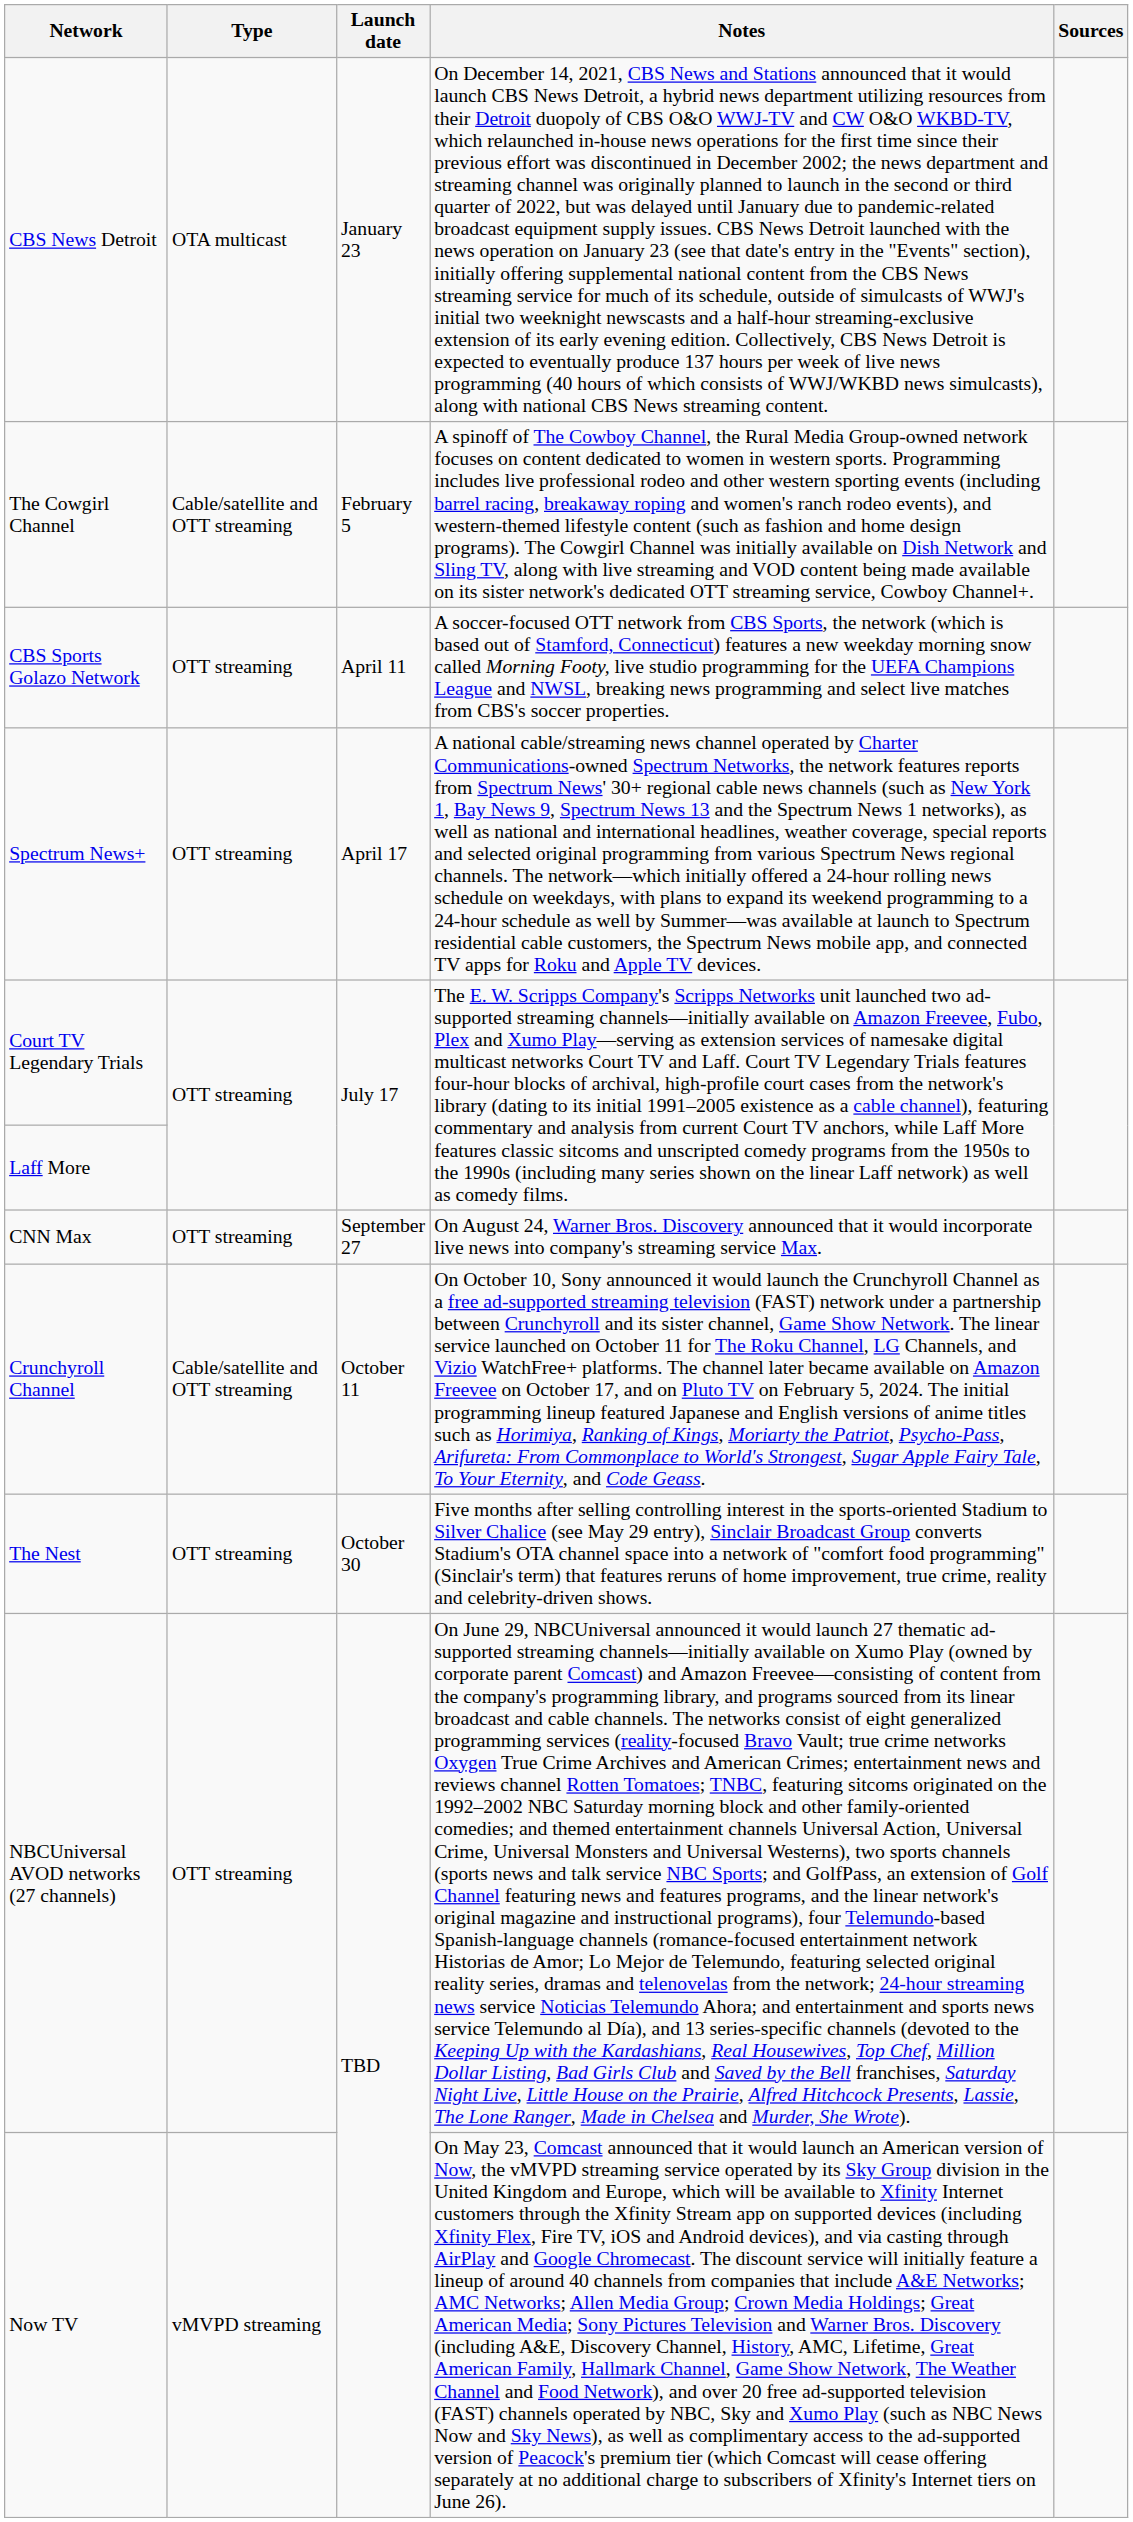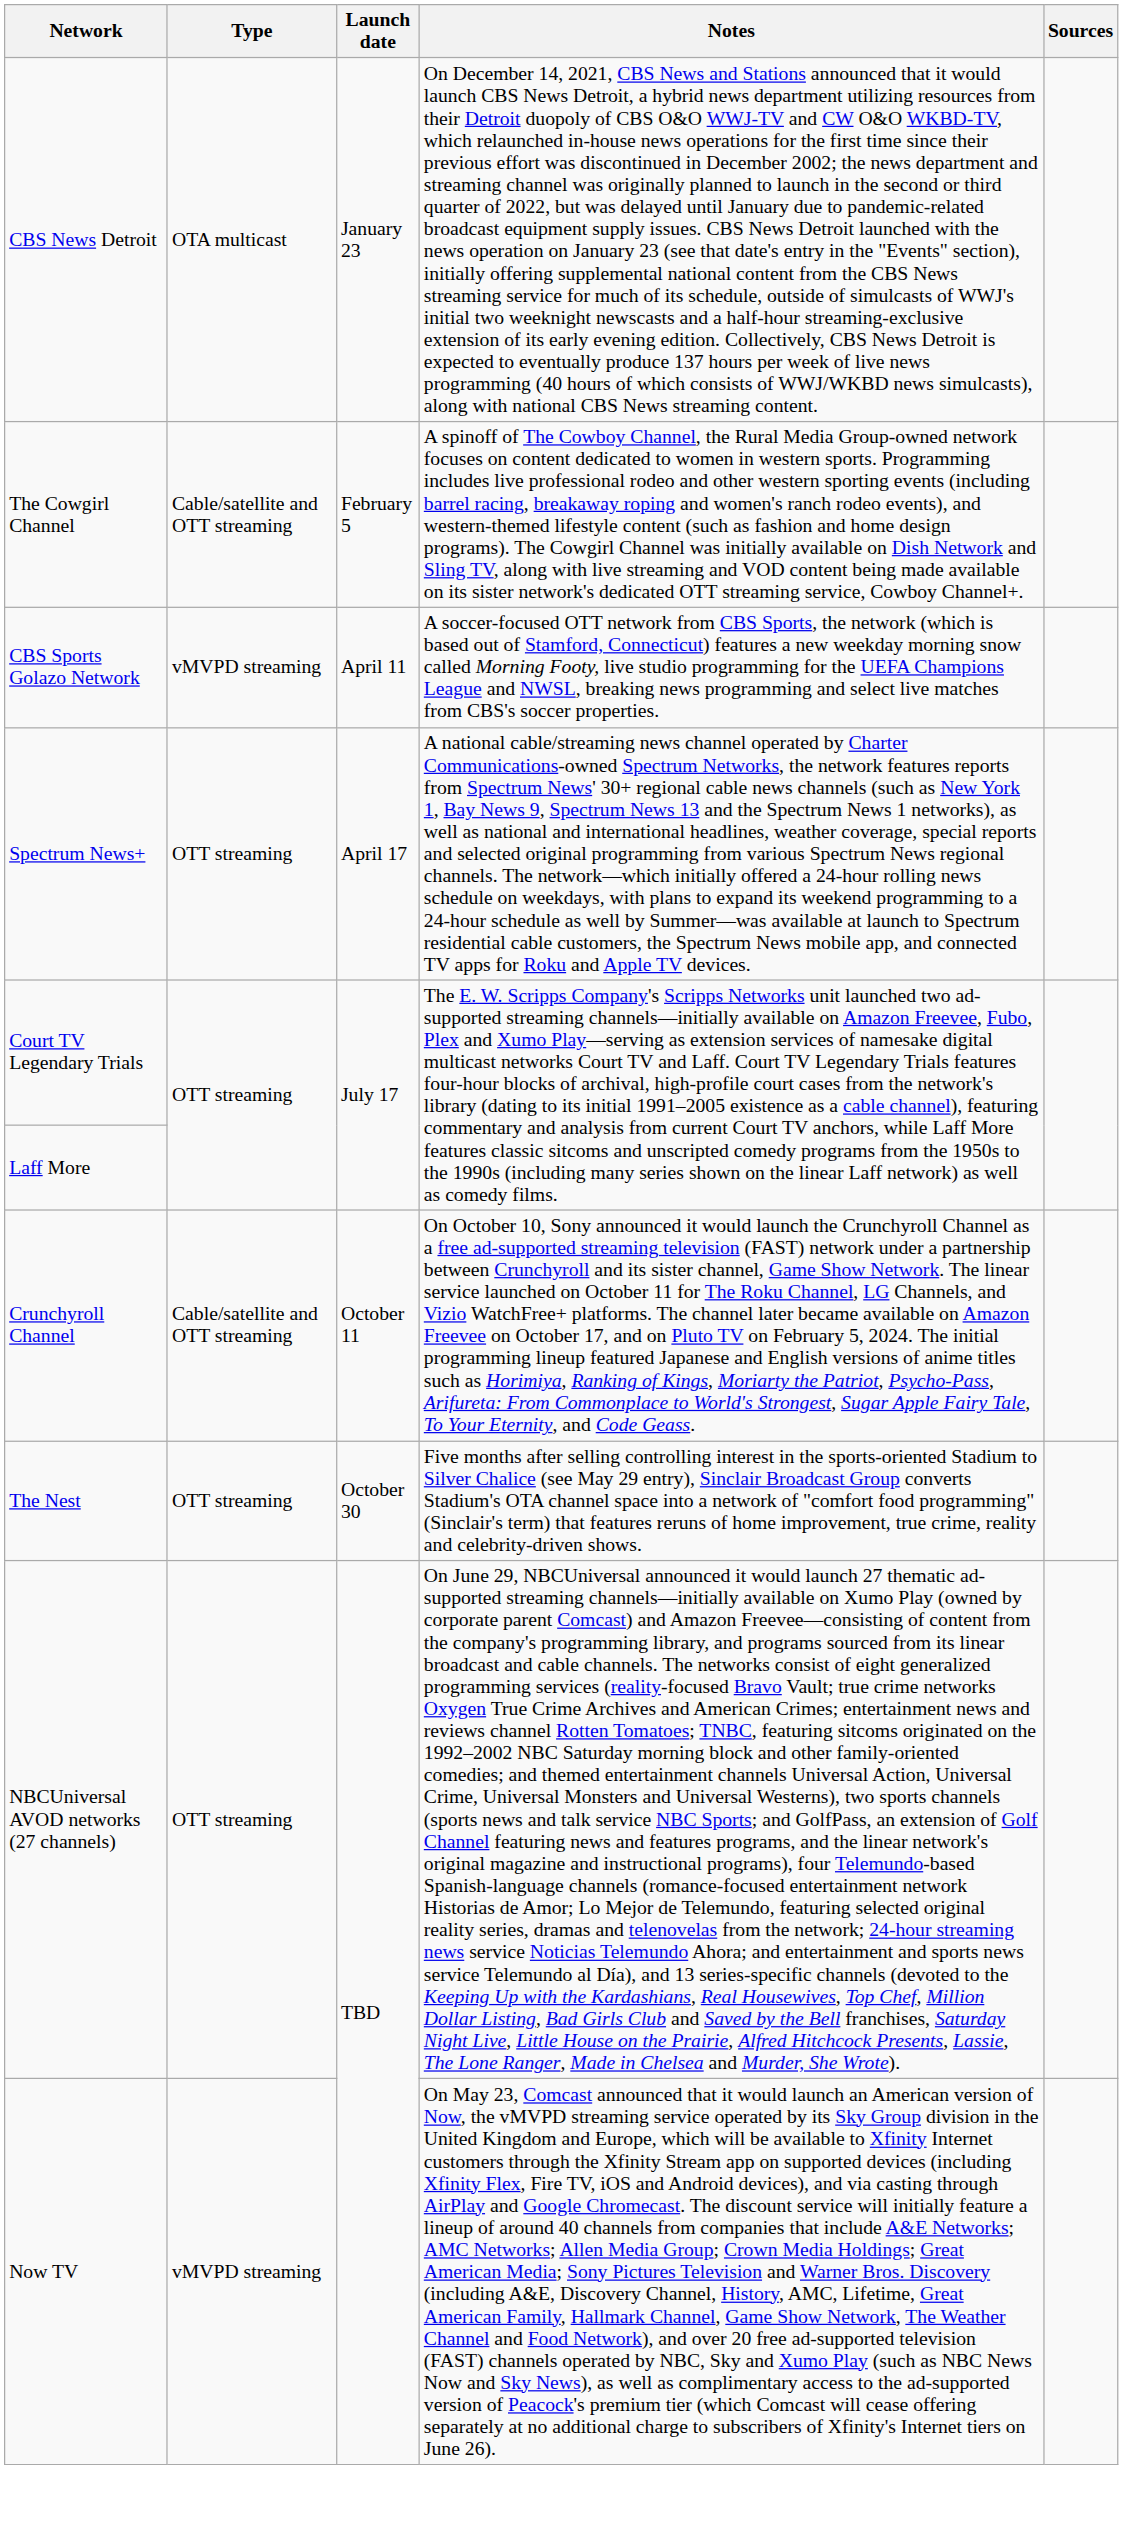 <table class="wikitable">
 <tr>
 <th style="text-align:center; width:125px">Network</th>
 <th style="text-align:center; width:130px">Type</th>
 <th style="text-align:center; width:60px">Launch date</th>
 <th style="text-align:center; width:500px">Notes</th>
 <th style="text-align:center; width:30px">Sources</th>
 </tr>
 <tr>
 <td><a href='#'>CBS News</a> Detroit</td>
 <td>OTA multicast</td>
 <td>January 23</td>
 <td>On December 14, 2021, <a href='#'>CBS News and Stations</a> announced that it would launch CBS News Detroit, a hybrid news department utilizing resources from their <a href='#'>Detroit</a> duopoly of CBS O&O <a href='#'>WWJ-TV</a> and <a href='#'>CW</a> O&O <a href='#'>WKBD-TV</a>, which relaunched in-house news operations for the first time since their previous effort was discontinued in December 2002; the news department and streaming channel was originally planned to launch in the second or third quarter of 2022, but was delayed until January due to pandemic-related broadcast equipment supply issues. CBS News Detroit launched with the news operation on January 23 (see that date's entry in the "Events" section), initially offering supplemental national content from the CBS News streaming service for much of its schedule, outside of simulcasts of WWJ's initial two weeknight newscasts and a half-hour streaming-exclusive extension of its early evening edition. Collectively, CBS News Detroit is expected to eventually produce 137 hours per week of live news programming (40 hours of which consists of WWJ/WKBD news simulcasts), along with national CBS News streaming content.</td>
 <td><br></td>
 </tr>
 <tr>
 <td>The Cowgirl Channel</td>
 <td>Cable/satellite and OTT streaming</td>
 <td>February 5</td>
 <td>A spinoff of <a href='#'>The Cowboy Channel</a>, the Rural Media Group-owned network focuses on content dedicated to women in western sports. Programming includes live professional rodeo and other western sporting events (including <a href='#'>barrel racing</a>, <a href='#'>breakaway roping</a> and women's ranch rodeo events), and western-themed lifestyle content (such as fashion and home design programs). The Cowgirl Channel was initially available on <a href='#'>Dish Network</a> and <a href='#'>Sling TV</a>, along with live streaming and VOD content being made available on its sister network's dedicated OTT streaming service, Cowboy Channel+.</td>
 <td></td>
 </tr>
 <tr>
 <td><a href='#'>CBS Sports Golazo Network</a></td>
-<td>OTT streaming</td>
+<td>vMVPD streaming</td>
 <td>April 11</td>
 <td>A soccer-focused OTT network from <a href='#'>CBS Sports</a>, the network (which is based out of <a href='#'>Stamford, Connecticut</a>) features a new weekday morning snow called <em>Morning Footy,</em> live studio programming for the <a href='#'>UEFA Champions League</a> and <a href='#'>NWSL</a>, breaking news programming and select live matches from CBS's soccer properties.</td>
 <td><br></td>
 </tr>
 <tr>
 <td><a href='#'>Spectrum News+</a></td>
 <td>OTT streaming</td>
 <td>April 17</td>
 <td>A national cable/streaming news channel operated by <a href='#'>Charter Communications</a>-owned <a href='#'>Spectrum Networks</a>, the network features reports from <a href='#'>Spectrum News</a>' 30+ regional cable news channels (such as <a href='#'>New York 1</a>, <a href='#'>Bay News 9</a>, <a href='#'>Spectrum News 13</a> and the Spectrum News 1 networks), as well as national and international headlines, weather coverage, special reports and selected original programming from various Spectrum News regional channels. The network—which initially offered a 24-hour rolling news schedule on weekdays, with plans to expand its weekend programming to a 24-hour schedule as well by Summer—was available at launch to Spectrum residential cable customers, the Spectrum News mobile app, and connected TV apps for <a href='#'>Roku</a> and <a href='#'>Apple TV</a> devices.</td>
 <td></td>
 </tr>
 <tr>
 <td><a href='#'>Court TV</a> Legendary Trials</td>
 <td rowspan="2">OTT streaming</td>
 <td rowspan="2">July 17</td>
 <td rowspan="2">The <a href='#'>E. W. Scripps Company</a>'s <a href='#'>Scripps Networks</a> unit launched two ad-supported streaming channels—initially available on <a href='#'>Amazon Freevee</a>, <a href='#'>Fubo</a>, <a href='#'>Plex</a> and <a href='#'>Xumo Play</a>—serving as extension services of namesake digital multicast networks Court TV and Laff. Court TV Legendary Trials features four-hour blocks of archival, high-profile court cases from the network's library (dating to its initial 1991–2005 existence as a <a href='#'>cable channel</a>), featuring commentary and analysis from current Court TV anchors, while Laff More features classic sitcoms and unscripted comedy programs from the 1950s to the 1990s (including many series shown on the linear Laff network) as well as comedy films.</td>
 <td rowspan="2"></td>
 </tr>
 <tr>
 <td><a href='#'>Laff</a> More</td>
-</tr>
-<tr>
-<td>CNN Max</td>
-<td>OTT streaming</td>
-<td>September 27</td>
-<td>On August 24, <a href='#'>Warner Bros. Discovery</a> announced that it would incorporate live news into company's streaming service <a href='#'>Max</a>.</td>
-<td></td>
 </tr>
 <tr>
 <td><a href='#'>Crunchyroll Channel</a></td>
 <td>Cable/satellite and OTT streaming</td>
 <td>October 11</td>
 <td>On October 10, Sony announced it would launch the Crunchyroll Channel as a <a href='#'>free ad-supported streaming television</a> (FAST) network under a partnership between <a href='#'>Crunchyroll</a> and its sister channel, <a href='#'>Game Show Network</a>. The linear service launched on October 11 for <a href='#'>The Roku Channel</a>, <a href='#'>LG</a> Channels, and <a href='#'>Vizio</a> WatchFree+ platforms. The channel later became available on <a href='#'>Amazon Freevee</a> on October 17, and on <a href='#'>Pluto TV</a> on February 5, 2024. The initial programming lineup featured Japanese and English versions of anime titles such as <em><a href='#'>Horimiya</a></em>, <em><a href='#'>Ranking of Kings</a></em>, <em><a href='#'>Moriarty the Patriot</a></em>, <em><a href='#'>Psycho-Pass</a></em>, <em><a href='#'>Arifureta: From Commonplace to World's Strongest</a></em>, <em><a href='#'>Sugar Apple Fairy Tale</a></em>, <em><a href='#'>To Your Eternity</a></em>, and <em><a href='#'>Code Geass</a></em>.</td>
 <td><br></td>
 </tr>
 <tr>
 <td><a href='#'>The Nest</a></td>
 <td>OTT streaming</td>
 <td>October 30</td>
 <td>Five months after selling controlling interest in the sports-oriented Stadium to <a href='#'>Silver Chalice</a> (see May 29 entry), <a href='#'>Sinclair Broadcast Group</a> converts Stadium's OTA channel space into a network of "comfort food programming" (Sinclair's term) that features reruns of home improvement, true crime, reality and celebrity-driven shows.</td>
 <td></td>
 </tr>
 <tr>
 <td>NBCUniversal AVOD networks<br>(27 channels)</td>
 <td>OTT streaming</td>
 <td rowspan=2>TBD</td>
 <td>On June 29, NBCUniversal announced it would launch 27 thematic ad-supported streaming channels—initially available on Xumo Play (owned by corporate parent <a href='#'>Comcast</a>) and Amazon Freevee—consisting of content from the company's programming library, and programs sourced from its linear broadcast and cable channels. The networks consist of eight generalized programming services (<a href='#'>reality</a>-focused <a href='#'>Bravo</a> Vault; true crime networks <a href='#'>Oxygen</a> True Crime Archives and American Crimes; entertainment news and reviews channel <a href='#'>Rotten Tomatoes</a>; <a href='#'>TNBC</a>, featuring sitcoms originated on the 1992–2002 NBC Saturday morning block and other family-oriented comedies; and themed entertainment channels Universal Action, Universal Crime, Universal Monsters and Universal Westerns), two sports channels (sports news and talk service <a href='#'>NBC Sports</a>; and GolfPass, an extension of <a href='#'>Golf Channel</a> featuring news and features programs, and the linear network's original magazine and instructional programs), four <a href='#'>Telemundo</a>-based Spanish-language channels (romance-focused entertainment network Historias de Amor; Lo Mejor de Telemundo, featuring selected original reality series, dramas and <a href='#'>telenovelas</a> from the network; <a href='#'>24-hour streaming news</a> service <a href='#'>Noticias Telemundo</a> Ahora; and entertainment and sports news service Telemundo al Día), and 13 series-specific channels (devoted to the <em><a href='#'>Keeping Up with the Kardashians</a></em>, <em><a href='#'>Real Housewives</a></em>, <em><a href='#'>Top Chef</a></em>, <em><a href='#'>Million Dollar Listing</a></em>, <em><a href='#'>Bad Girls Club</a></em> and <em><a href='#'>Saved by the Bell</a></em> franchises, <em><a href='#'>Saturday Night Live</a></em>, <em><a href='#'>Little House on the Prairie</a></em>, <em><a href='#'>Alfred Hitchcock Presents</a></em>, <em><a href='#'>Lassie</a></em>, <em><a href='#'>The Lone Ranger</a></em>, <em><a href='#'>Made in Chelsea</a></em> and <em><a href='#'>Murder, She Wrote</a></em>).</td>
 <td></td>
 </tr>
 <tr>
 <td>Now TV</td>
 <td>vMVPD streaming</td>
 <td>On May 23, <a href='#'>Comcast</a> announced that it would launch an American version of <a href='#'>Now</a>, the vMVPD streaming service operated by its <a href='#'>Sky Group</a> division in the United Kingdom and Europe, which will be available to <a href='#'>Xfinity</a> Internet customers through the Xfinity Stream app on supported devices (including <a href='#'>Xfinity Flex</a>, Fire TV, iOS and Android devices), and via casting through <a href='#'>AirPlay</a> and <a href='#'>Google Chromecast</a>. The discount service will initially feature a lineup of around 40 channels from companies that include <a href='#'>A&E Networks</a>; <a href='#'>AMC Networks</a>; <a href='#'>Allen Media Group</a>; <a href='#'>Crown Media Holdings</a>; <a href='#'>Great American Media</a>; <a href='#'>Sony Pictures Television</a> and <a href='#'>Warner Bros. Discovery</a> (including A&E, Discovery Channel, <a href='#'>History</a>, AMC, Lifetime, <a href='#'>Great American Family</a>, <a href='#'>Hallmark Channel</a>, <a href='#'>Game Show Network</a>, <a href='#'>The Weather Channel</a> and <a href='#'>Food Network</a>), and over 20 free ad-supported television (FAST) channels operated by NBC, Sky and <a href='#'>Xumo Play</a> (such as NBC News Now and <a href='#'>Sky News</a>), as well as complimentary access to the ad-supported version of <a href='#'>Peacock</a>'s premium tier (which Comcast will cease offering separately at no additional charge to subscribers of Xfinity's Internet tiers on June 26).</td>
 <td></td>
 </tr>
 </table>
